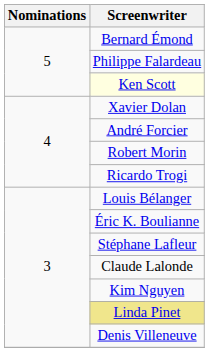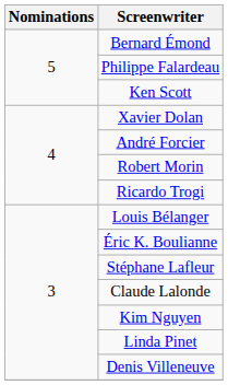 <table class="wikitable" style="text-align:center;">
 <tr>
 <th scope="col" width="12">Nominations</th>
 <th scope="col" align="center">Screenwriter</th>
 </tr>
 <tr>
 <td rowspan="3" style="text-align:center;">5</td>
 <td><a href='#'>Bernard Émond</a></td>
 </tr>
 <tr>
 <td><a href='#'>Philippe Falardeau</a></td>
 </tr>
 <tr>
-<td style="background: lightyellow;"><a href='#'>Ken Scott</a></td>
+<td><a href='#'>Ken Scott</a></td>
 </tr>
 <tr>
 <td rowspan="4" style="text-align:center;">4</td>
 <td><a href='#'>Xavier Dolan</a></td>
 </tr>
 <tr>
 <td><a href='#'>André Forcier</a></td>
 </tr>
 <tr>
 <td><a href='#'>Robert Morin</a></td>
 </tr>
 <tr>
 <td><a href='#'>Ricardo Trogi</a></td>
 </tr>
 <tr>
 <td rowspan="7" style="text-align:center;">3</td>
 <td><a href='#'>Louis Bélanger</a></td>
 </tr>
 <tr>
 <td><a href='#'>Éric K. Boulianne</a></td>
 </tr>
 <tr>
 <td><a href='#'>Stéphane Lafleur</a></td>
 </tr>
 <tr>
 <td>Claude Lalonde</td>
 </tr>
 <tr>
 <td><a href='#'>Kim Nguyen</a></td>
 </tr>
 <tr>
-<td style="background: khaki;"><a href='#'>Linda Pinet</a></td>
+<td><a href='#'>Linda Pinet</a></td>
 </tr>
 <tr>
 <td><a href='#'>Denis Villeneuve</a></td>
 </tr>
 <tr>
 </tr>
 </table>
